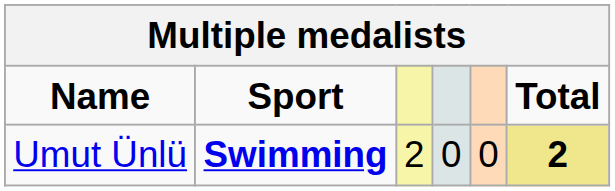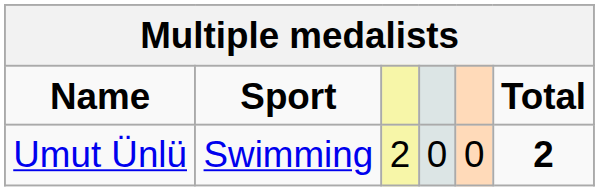 <table class="wikitable" style="font-size:121%">
 <tr style="background:#efefef;">
 <th colspan=7>Multiple medalists</th>
 </tr>
 <tr align=center>
 <td><strong>Name</strong></td>
 <td><strong>Sport</strong></td>
 <td style="background:#F7F6A8;"></td>
 <td style="background:#DCE5E5;"></td>
 <td style="background:#FFDAB9;"></td>
 <td><strong>Total</strong></td>
 </tr>
 <tr align=center>
 <td align=left><a href='#'>Umut Ünlü</a></td>
-<td><strong><a href='#'>Swimming</a></strong></td>
+<td><a href='#'>Swimming</a></td>
 <td style="background:#F7F6A8;">2</td>
 <td style="background:#DCE5E5;">0</td>
 <td style="background:#FFDAB9;">0</td>
-<td style="background: khaki;"><strong>2</strong></td>
+<td><strong>2</strong></td>
 </tr>
 </table>
